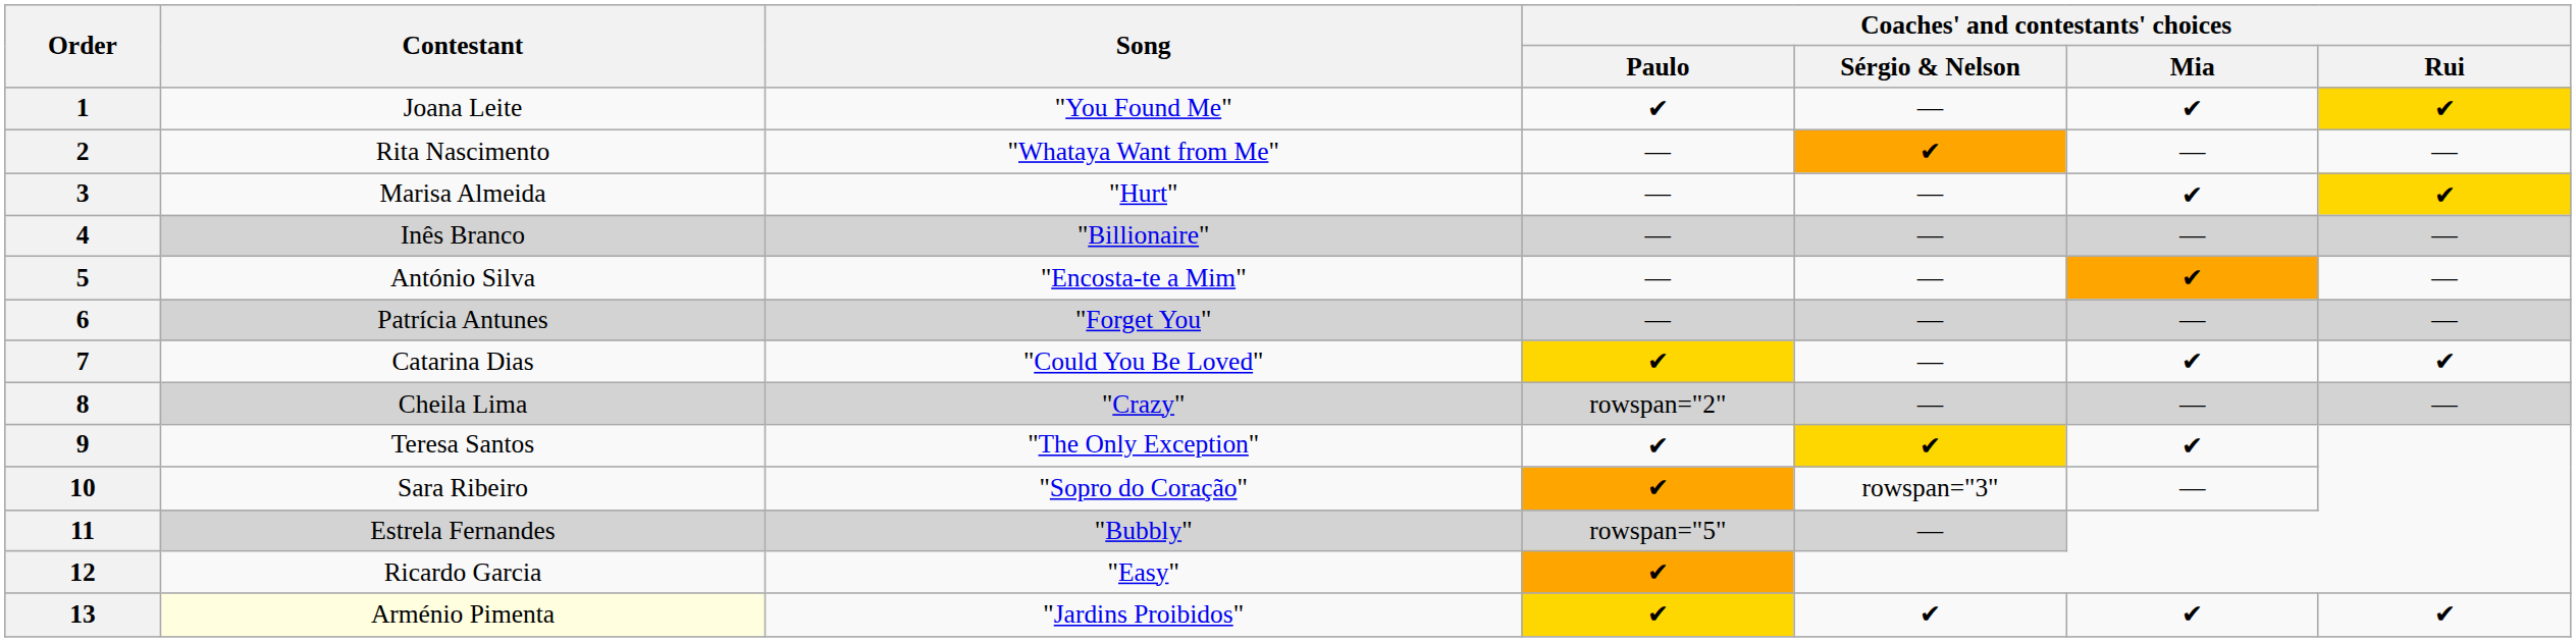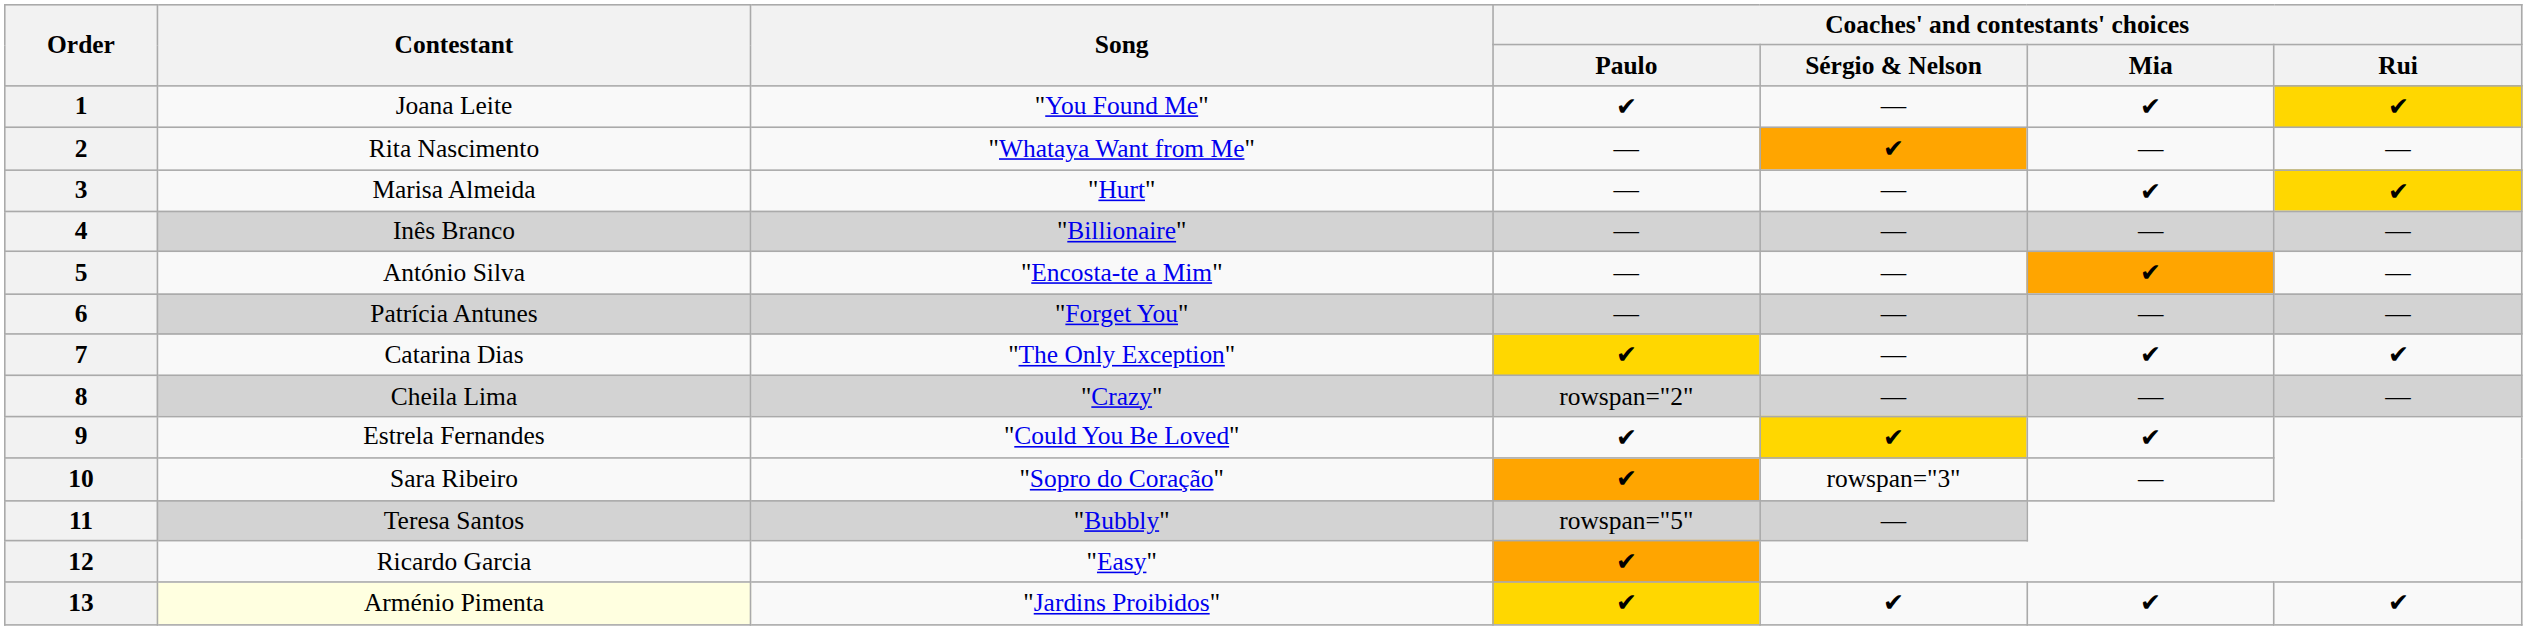 <table class="wikitable" style="text-align:center; width:100%">
 <tr>
 <th rowspan="2" width="03%">Order</th>
 <th rowspan="2" width="12%">Contestant</th>
 <th rowspan="2" width="15%">Song</th>
 <th colspan="4" width="24%">Coaches' and contestants' choices</th>
 </tr>
 <tr>
 <th width="05%">Paulo</th>
 <th width="05%">Sérgio & Nelson</th>
 <th width="05%">Mia</th>
 <th width="05%">Rui</th>
 </tr>
 <tr>
 <th>1</th>
 <td>Joana Leite</td>
 <td>"<a href='#'>You Found Me</a>"</td>
 <td>✔</td>
 <td>—</td>
 <td>✔</td>
 <td style="background:gold">✔</td>
 </tr>
 <tr>
 <th>2</th>
 <td>Rita Nascimento</td>
 <td>"<a href='#'>Whataya Want from Me</a>"</td>
 <td>—</td>
 <td style="background:orange">✔</td>
 <td>—</td>
 <td>—</td>
 </tr>
 <tr>
 <th>3</th>
 <td>Marisa Almeida</td>
 <td>"<a href='#'>Hurt</a>"</td>
 <td>—</td>
 <td>—</td>
 <td>✔</td>
 <td style="background:gold">✔</td>
 </tr>
 <tr style="background:lightgrey">
 <th>4</th>
 <td>Inês Branco</td>
 <td>"<a href='#'>Billionaire</a>"</td>
 <td>—</td>
 <td>—</td>
 <td>—</td>
 <td>—</td>
 </tr>
 <tr>
 <th>5</th>
 <td>António Silva</td>
 <td>"<a href='#'>Encosta-te a Mim</a>"</td>
 <td>—</td>
 <td>—</td>
 <td style="background:orange">✔</td>
 <td>—</td>
 </tr>
 <tr style="background:lightgrey">
 <th>6</th>
 <td>Patrícia Antunes</td>
 <td>"<a href='#'>Forget You</a>"</td>
 <td>—</td>
 <td>—</td>
 <td>—</td>
 <td>—</td>
 </tr>
 <tr>
 <th>7</th>
 <td>Catarina Dias</td>
-<td>"<a href='#'>Could You Be Loved</a>"</td>
+<td>"<a href='#'>The Only Exception</a>"</td>
 <td style="background:gold">✔</td>
 <td>—</td>
 <td>✔</td>
 <td>✔</td>
 </tr>
 <tr style="background:lightgrey">
 <th>8</th>
 <td>Cheila Lima</td>
 <td>"<a href='#'>Crazy</a>"</td>
 <td>rowspan="2" </td>
 <td>—</td>
 <td>—</td>
 <td>—</td>
 </tr>
 <tr>
 <th>9</th>
-<td>Teresa Santos</td>
-<td>"<a href='#'>The Only Exception</a>"</td>
+<td>Estrela Fernandes</td>
+<td>"<a href='#'>Could You Be Loved</a>"</td>
 <td>✔</td>
 <td style="background:gold">✔</td>
 <td>✔</td>
 </tr>
 <tr>
 <th>10</th>
 <td>Sara Ribeiro</td>
 <td>"<a href='#'>Sopro do Coração</a>"</td>
 <td style="background:orange">✔</td>
 <td>rowspan="3" </td>
 <td>—</td>
 </tr>
 <tr style="background:lightgrey">
 <th>11</th>
-<td>Estrela Fernandes</td>
+<td>Teresa Santos</td>
 <td>"<a href='#'>Bubbly</a>"</td>
 <td>rowspan="5" </td>
 <td>—</td>
 </tr>
 <tr>
 <th>12</th>
 <td>Ricardo Garcia</td>
 <td>"<a href='#'>Easy</a>"</td>
 <td style="background:orange">✔</td>
 </tr>
 <tr>
 <th>13</th>
 <td style="background: lightyellow;">Arménio Pimenta</td>
 <td>"<a href='#'>Jardins Proibidos</a>"</td>
 <td style="background:gold">✔</td>
 <td>✔</td>
 <td>✔</td>
 <td>✔</td>
 </tr>
 </table>
